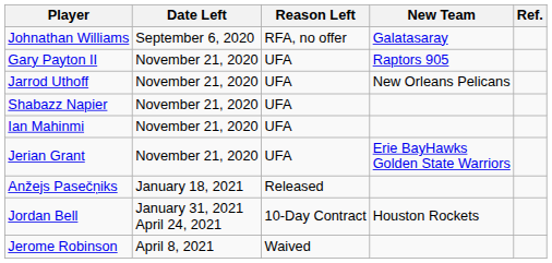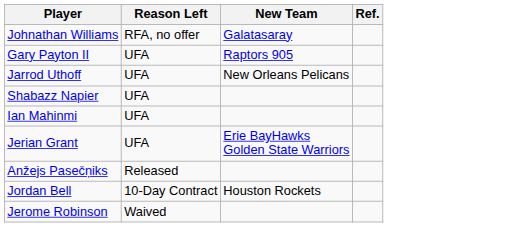 <table class="wikitable sortable sortable">
 <tr>
 <th>Player</th>
-<th>Date Left</th>
 <th>Reason Left</th>
 <th>New Team</th>
 <th>Ref.</th>
 </tr>
 <tr>
 <td><a href='#'>Johnathan Williams</a></td>
-<td>September 6, 2020</td>
 <td>RFA, no offer</td>
 <td> <a href='#'>Galatasaray</a></td>
 <td></td>
 </tr>
 <tr>
 <td><a href='#'>Gary Payton II</a></td>
-<td>November 21, 2020</td>
 <td>UFA</td>
 <td><a href='#'>Raptors 905</a></td>
 <td></td>
 </tr>
 <tr>
 <td><a href='#'>Jarrod Uthoff</a></td>
-<td>November 21, 2020</td>
 <td>UFA</td>
 <td>New Orleans Pelicans</td>
 <td></td>
 </tr>
 <tr>
 <td><a href='#'>Shabazz Napier</a></td>
-<td>November 21, 2020</td>
 <td>UFA</td>
 <td></td>
 <td></td>
 </tr>
 <tr>
 <td><a href='#'>Ian Mahinmi</a></td>
-<td>November 21, 2020</td>
 <td>UFA</td>
 <td></td>
 <td></td>
 </tr>
 <tr>
 <td><a href='#'>Jerian Grant</a></td>
-<td>November 21, 2020</td>
 <td>UFA</td>
 <td><a href='#'>Erie BayHawks</a> <br> <a href='#'>Golden State Warriors</a></td>
 <td></td>
 </tr>
 <tr>
 <td><a href='#'>Anžejs Pasečņiks</a></td>
-<td>January 18, 2021</td>
 <td>Released</td>
 <td></td>
 <td></td>
 </tr>
 <tr>
 <td><a href='#'>Jordan Bell</a></td>
-<td>January 31, 2021 <br> April 24, 2021</td>
 <td>10-Day Contract</td>
 <td>Houston Rockets</td>
 <td></td>
 </tr>
 <tr>
 <td><a href='#'>Jerome Robinson</a></td>
-<td>April 8, 2021</td>
 <td>Waived</td>
 <td></td>
 <td></td>
 </tr>
 </table>
